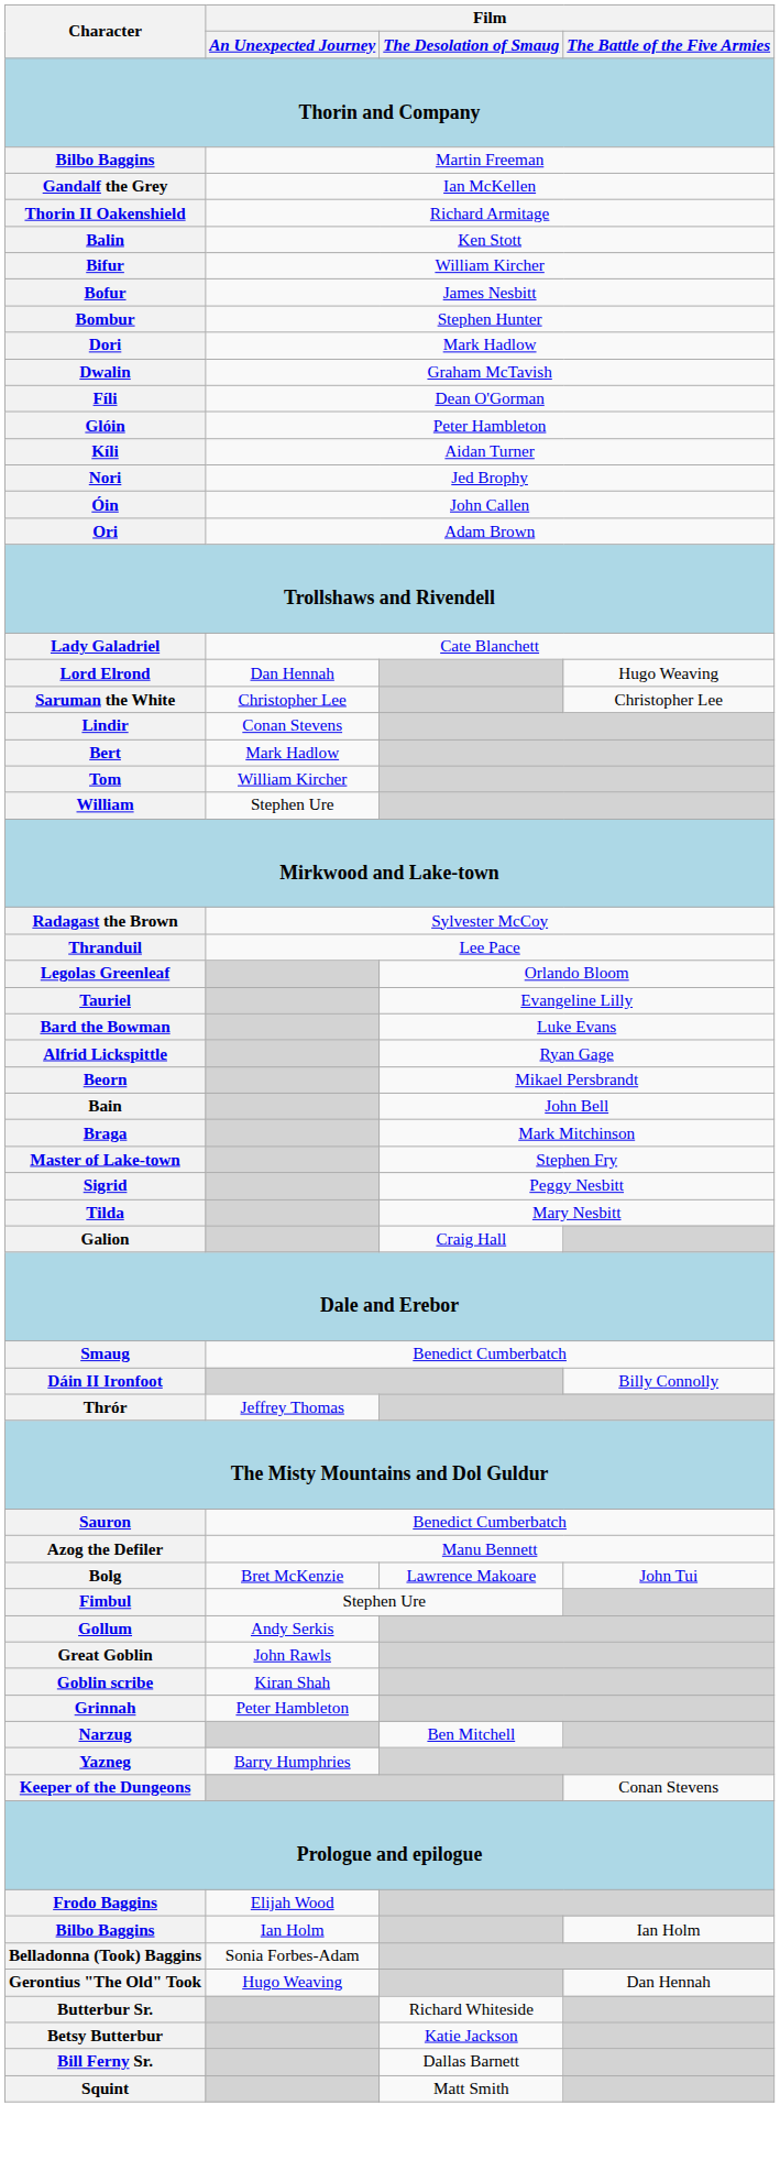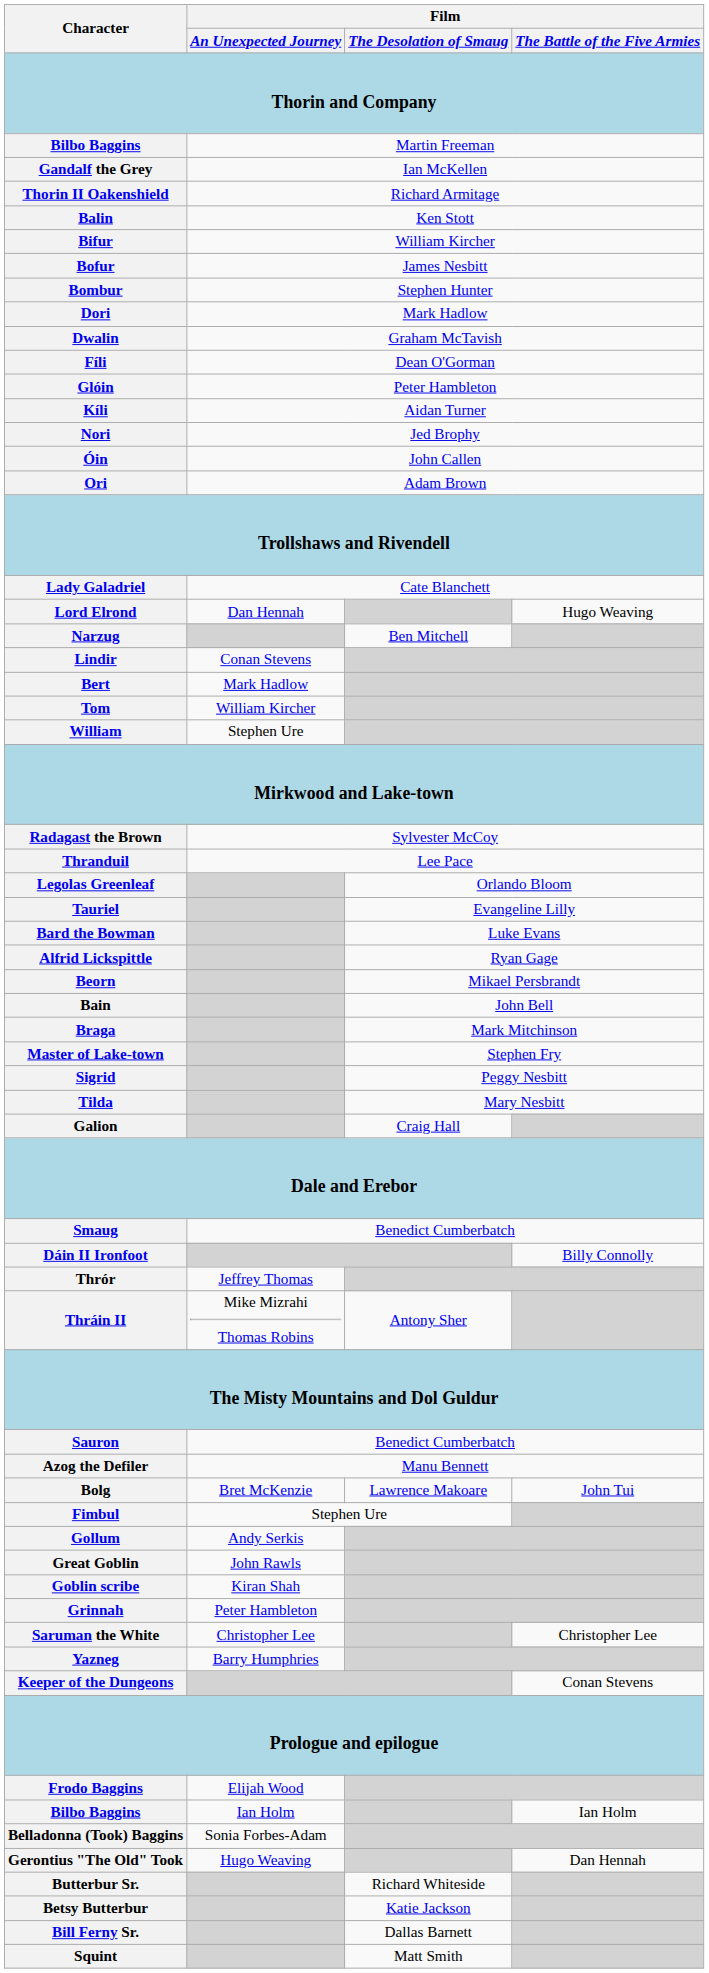 <table class="wikitable collapsible" style="text-align: center; clear: both;">
 <tr>
 <th rowspan="2">Character</th>
 <th colspan="3">Film</th>
 </tr>
 <tr>
 <th><em><a href='#'>An Unexpected Journey</a></em></th>
 <th><em><a href='#'>The Desolation of Smaug</a></em></th>
 <th><em><a href='#'>The Battle of the Five Armies</a></em></th>
 </tr>
 <tr>
 <th colspan="4" style="background:lightblue;"><br><h3>Thorin and Company</h3></th>
 </tr>
 <tr>
 <th><a href='#'>Bilbo Baggins</a></th>
 <td colspan="3"><a href='#'>Martin Freeman</a></td>
 </tr>
 <tr>
 <th><a href='#'>Gandalf</a> the Grey</th>
 <td colspan="3"><a href='#'>Ian McKellen</a></td>
 </tr>
 <tr>
 <th><a href='#'>Thorin II Oakenshield</a></th>
 <td colspan="3"><a href='#'>Richard Armitage</a></td>
 </tr>
 <tr>
 <th><a href='#'>Balin</a></th>
 <td colspan="3"><a href='#'>Ken Stott</a></td>
 </tr>
 <tr>
 <th><a href='#'>Bifur</a></th>
 <td colspan="3"><a href='#'>William Kircher</a></td>
 </tr>
 <tr>
 <th><a href='#'>Bofur</a></th>
 <td colspan="3"><a href='#'>James Nesbitt</a></td>
 </tr>
 <tr>
 <th><a href='#'>Bombur</a></th>
 <td colspan="3"><a href='#'>Stephen Hunter</a></td>
 </tr>
 <tr>
 <th><a href='#'>Dori</a></th>
 <td colspan="3"><a href='#'>Mark Hadlow</a></td>
 </tr>
 <tr>
 <th><a href='#'>Dwalin</a></th>
 <td colspan="3"><a href='#'>Graham McTavish</a></td>
 </tr>
 <tr>
 <th><a href='#'>Fíli</a></th>
 <td colspan="3"><a href='#'>Dean O'Gorman</a></td>
 </tr>
 <tr>
 <th><a href='#'>Glóin</a></th>
 <td colspan="3"><a href='#'>Peter Hambleton</a></td>
 </tr>
 <tr>
 <th><a href='#'>Kíli</a></th>
 <td colspan="3"><a href='#'>Aidan Turner</a></td>
 </tr>
 <tr>
 <th><a href='#'>Nori</a></th>
 <td colspan="3"><a href='#'>Jed Brophy</a></td>
 </tr>
 <tr>
 <th><a href='#'>Óin</a></th>
 <td colspan="3"><a href='#'>John Callen</a></td>
 </tr>
 <tr>
 <th><a href='#'>Ori</a></th>
 <td colspan="3"><a href='#'>Adam Brown</a></td>
 </tr>
 <tr>
 <th colspan="4" style="background:lightblue;"><br><h3>Trollshaws and Rivendell</h3></th>
 </tr>
 <tr>
 <th><a href='#'>Lady Galadriel</a></th>
 <td colspan="3"><a href='#'>Cate Blanchett</a></td>
 </tr>
 <tr>
 <th><a href='#'>Lord Elrond</a></th>
 <td><a href='#'>Dan Hennah</a></td>
 <td style="background:lightgrey;"> </td>
 <td>Hugo Weaving</td>
 </tr>
 <tr>
-<th><a href='#'>Saruman</a> the White</th>
-<td><a href='#'>Christopher Lee</a></td>
-<td style="background-color:lightgrey;"></td>
-<td>Christopher Lee</td>
+<th><a href='#'>Narzug</a></th>
+<td style="background:lightgrey;"> </td>
+<td><a href='#'>Ben Mitchell</a></td>
+<td style="background:lightgrey;"> </td>
 </tr>
 <tr>
 <th><a href='#'>Lindir</a></th>
 <td><a href='#'>Conan Stevens</a></td>
 <td colspan="2" style="background:lightgrey;"> </td>
 </tr>
 <tr>
 <th><a href='#'>Bert</a></th>
 <td><a href='#'>Mark Hadlow</a></td>
 <td colspan="2" style="background:lightgrey;"> </td>
 </tr>
 <tr>
 <th><a href='#'>Tom</a></th>
 <td><a href='#'>William Kircher</a></td>
 <td colspan="2" style="background:lightgrey;"> </td>
 </tr>
 <tr>
 <th><a href='#'>William</a></th>
 <td>Stephen Ure</td>
 <td colspan="2" style="background:lightgrey;"> </td>
 </tr>
 <tr>
 <th colspan="4" style="background:lightblue;"><br><h3>Mirkwood and Lake-town</h3></th>
 </tr>
 <tr>
 <th><a href='#'>Radagast</a> the Brown</th>
 <td colspan="3"><a href='#'>Sylvester McCoy</a></td>
 </tr>
 <tr>
 <th><a href='#'>Thranduil</a></th>
 <td colspan="3"><a href='#'>Lee Pace</a></td>
 </tr>
 <tr>
 <th><a href='#'>Legolas Greenleaf</a></th>
 <td style="background:lightgrey;"> </td>
 <td colspan="2"><a href='#'>Orlando Bloom</a></td>
 </tr>
 <tr>
 <th><a href='#'>Tauriel</a></th>
 <td style="background:lightgrey;"> </td>
 <td colspan="2"><a href='#'>Evangeline Lilly</a></td>
 </tr>
 <tr>
 <th><a href='#'>Bard the Bowman</a></th>
 <td style="background:lightgrey;"> </td>
 <td colspan="2"><a href='#'>Luke Evans</a></td>
 </tr>
 <tr>
 <th><a href='#'>Alfrid Lickspittle</a></th>
 <td style="background:lightgrey;"> </td>
 <td colspan="2"><a href='#'>Ryan Gage</a></td>
 </tr>
 <tr>
 <th><a href='#'>Beorn</a></th>
 <td style="background:lightgrey;"> </td>
 <td colspan="2"><a href='#'>Mikael Persbrandt</a></td>
 </tr>
 <tr>
 <th>Bain</th>
 <td style="background:lightgrey;"> </td>
 <td colspan="2"><a href='#'>John Bell</a></td>
 </tr>
 <tr>
 <th><a href='#'>Braga</a></th>
 <td style="background:lightgrey;"> </td>
 <td colspan="2"><a href='#'>Mark Mitchinson</a></td>
 </tr>
 <tr>
 <th><a href='#'>Master of Lake-town</a></th>
 <td style="background:lightgrey;"> </td>
 <td colspan="2"><a href='#'>Stephen Fry</a></td>
 </tr>
 <tr>
 <th><a href='#'>Sigrid</a></th>
 <td style="background:lightgrey;"> </td>
 <td colspan="2"><a href='#'>Peggy Nesbitt</a></td>
 </tr>
 <tr>
 <th><a href='#'>Tilda</a></th>
 <td style="background:lightgrey;"> </td>
 <td colspan="2"><a href='#'>Mary Nesbitt</a></td>
 </tr>
 <tr>
 <th>Galion</th>
 <td style="background:lightgrey;"> </td>
 <td><a href='#'>Craig Hall</a></td>
 <td style="background:lightgrey;"> </td>
 </tr>
 <tr>
 <th colspan="4" style="background:lightblue;"><br><h3>Dale and Erebor</h3></th>
 </tr>
 <tr>
 <th><a href='#'>Smaug</a></th>
 <td colspan="3"><a href='#'>Benedict Cumberbatch</a></td>
 </tr>
 <tr>
 <th><a href='#'>Dáin II Ironfoot</a></th>
 <td colspan="2" style="background:lightgrey;"> </td>
 <td><a href='#'>Billy Connolly</a></td>
 </tr>
 <tr>
 <th>Thrór</th>
 <td><a href='#'>Jeffrey Thomas</a></td>
 <td colspan="2" style="background:lightgrey;"> </td>
 </tr>
 <tr>
+<th><a href='#'>Thráin II</a></th>
+<td>Mike Mizrahi<br><hr><a href='#'>Thomas Robins</a><br></td>
+<td><a href='#'>Antony Sher</a></td>
+<td style="background:lightgrey;"> </td>
+</tr>
+<tr>
 <th colspan="4" style="background:lightblue;"><br><h3>The Misty Mountains and Dol Guldur</h3></th>
 </tr>
 <tr>
 <th><a href='#'>Sauron<br></a></th>
 <td colspan="3"><a href='#'>Benedict Cumberbatch</a></td>
 </tr>
 <tr>
 <th>Azog the Defiler<br></th>
 <td colspan="3"><a href='#'>Manu Bennett</a></td>
 </tr>
 <tr>
 <th>Bolg</th>
 <td><a href='#'>Bret McKenzie</a></td>
 <td><a href='#'>Lawrence Makoare</a></td>
 <td><a href='#'>John Tui</a></td>
 </tr>
 <tr>
 <th><a href='#'>Fimbul</a></th>
 <td colspan="2">Stephen Ure</td>
 <td style="background:lightgrey;"> </td>
 </tr>
 <tr>
 <th><a href='#'>Gollum</a></th>
 <td><a href='#'>Andy Serkis</a></td>
 <td colspan="2" style="background:lightgrey;"> </td>
 </tr>
 <tr>
 <th>Great Goblin</th>
 <td><a href='#'>John Rawls</a></td>
 <td colspan="2" style="background:lightgrey;"> </td>
 </tr>
 <tr>
 <th><a href='#'>Goblin scribe</a></th>
 <td><a href='#'>Kiran Shah</a></td>
 <td colspan="2" style="background:lightgrey;"> </td>
 </tr>
 <tr>
 <th><a href='#'>Grinnah</a></th>
 <td><a href='#'>Peter Hambleton</a></td>
 <td colspan="2" style="background:lightgrey;"> </td>
 </tr>
 <tr>
-<th><a href='#'>Narzug</a></th>
-<td style="background:lightgrey;"> </td>
-<td><a href='#'>Ben Mitchell</a></td>
-<td style="background:lightgrey;"> </td>
+<th><a href='#'>Saruman</a> the White</th>
+<td><a href='#'>Christopher Lee</a></td>
+<td style="background-color:lightgrey;"></td>
+<td>Christopher Lee</td>
 </tr>
 <tr>
 <th><a href='#'>Yazneg</a></th>
 <td><a href='#'>Barry Humphries</a></td>
 <td colspan="2" style="background:lightgrey;"> </td>
 </tr>
 <tr>
 <th><a href='#'>Keeper of the Dungeons</a></th>
 <td colspan="2" style="background:lightgrey;"> </td>
 <td>Conan Stevens</td>
 </tr>
 <tr>
 <th colspan="4" style="background:lightblue;"><br><h3>Prologue and epilogue</h3></th>
 </tr>
 <tr>
 <th><a href='#'>Frodo Baggins</a></th>
 <td><a href='#'>Elijah Wood</a></td>
 <td colspan="2" style="background:lightgrey;"> </td>
 </tr>
 <tr>
 <th><a href='#'>Bilbo Baggins</a></th>
 <td><a href='#'>Ian Holm</a></td>
 <td style="background:lightgrey;"> </td>
 <td>Ian Holm</td>
 </tr>
 <tr>
 <th>Belladonna (Took) Baggins</th>
 <td>Sonia Forbes-Adam</td>
 <td colspan="2" style="background:lightgrey;"> </td>
 </tr>
 <tr>
 <th>Gerontius "The Old" Took</th>
 <td><a href='#'>Hugo Weaving</a></td>
 <td style="background:lightgrey;"> </td>
 <td>Dan Hennah</td>
 </tr>
 <tr>
 <th>Butterbur Sr.</th>
 <td style="background:lightgrey;"> </td>
 <td>Richard Whiteside</td>
 <td style="background:lightgrey;"> </td>
 </tr>
 <tr>
 <th>Betsy Butterbur</th>
 <td style="background:lightgrey;"> </td>
 <td><a href='#'>Katie Jackson</a></td>
 <td style="background:lightgrey;"> </td>
 </tr>
 <tr>
 <th><a href='#'>Bill Ferny</a> Sr.</th>
 <td style="background:lightgrey;"> </td>
 <td>Dallas Barnett</td>
 <td style="background:lightgrey;"> </td>
 </tr>
 <tr>
 <th>Squint</th>
 <td style="background:lightgrey;"> </td>
 <td>Matt Smith</td>
 <td style="background:lightgrey;"> </td>
 </tr>
 </table>
